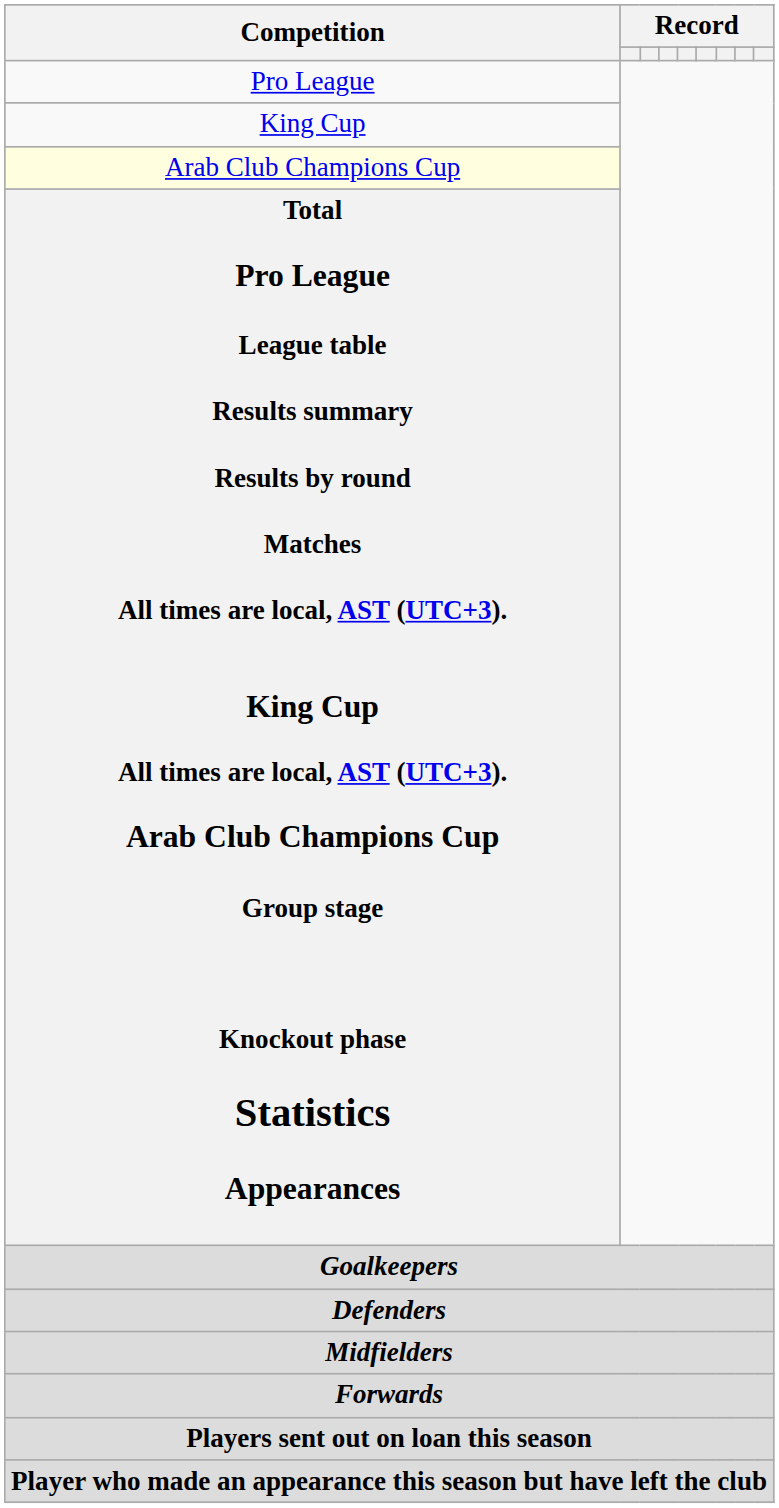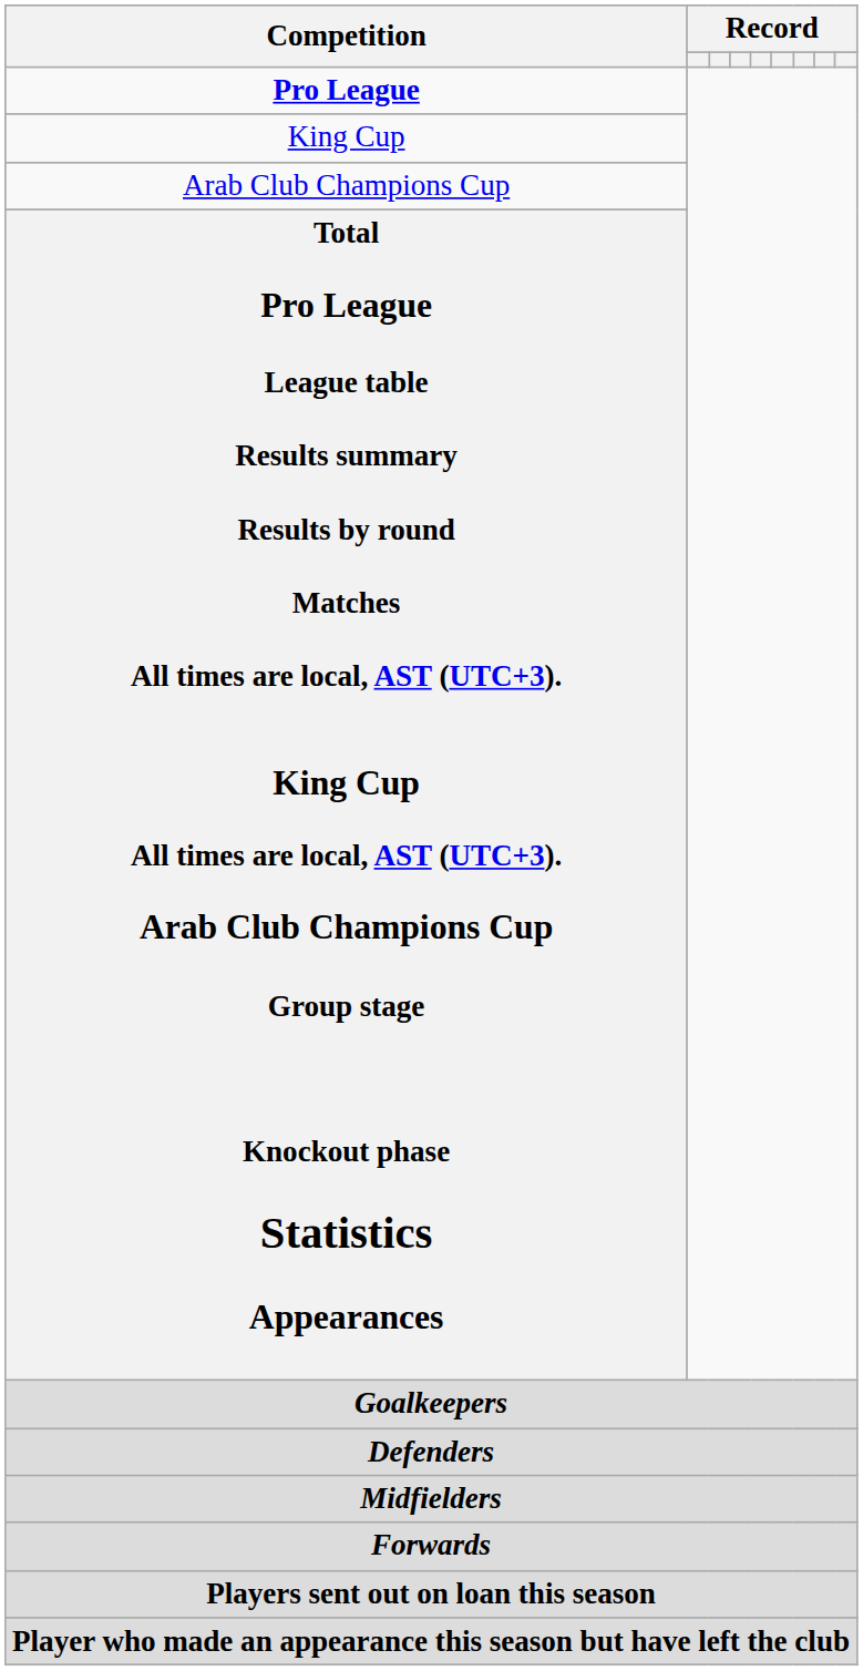 <table class="wikitable" style="text-align: center">
 <tr>
 <th rowspan=2>Competition</th>
 <th colspan=8>Record</th>
 </tr>
 <tr>
 <th></th>
 <th></th>
 <th></th>
 <th></th>
 <th></th>
 <th></th>
 <th></th>
 <th></th>
 </tr>
 <tr>
-<td><a href='#'>Pro League</a><br></td>
+<td><strong><a href='#'>Pro League</a><br></strong></td>
 </tr>
 <tr>
 <td><a href='#'>King Cup</a><br></td>
 </tr>
 <tr>
-<td style="background: lightyellow;"><a href='#'>Arab Club Champions Cup</a><br></td>
+<td><a href='#'>Arab Club Champions Cup</a><br></td>
 </tr>
 <tr>
 <th>Total<br> <h3>Pro League</h3><h4>League table</h4><h4>Results summary</h4> <h4>Results by round</h4><h4>Matches</h4>All times are local, <a href='#'>AST</a> (<a href='#'>UTC+3</a>).<br>   <br>                                 <h3>King Cup</h3> All times are local, <a href='#'>AST</a> (<a href='#'>UTC+3</a>).<br>  <h3>Arab Club Champions Cup</h3><h4>Group stage</h4><br>  <h4>Knockout phase</h4> <h2>Statistics</h2><h3>Appearances</h3></th>
 </tr>
 <tr>
 <th colspan=14 style=background:#dcdcdc; text-align:center><em>Goalkeepers</em><br>    </th>
 </tr>
 <tr>
 <th colspan=14 style=background:#dcdcdc; text-align:center><em>Defenders</em><br>        </th>
 </tr>
 <tr>
 <th colspan=14 style=background:#dcdcdc; text-align:center><em>Midfielders</em><br>            </th>
 </tr>
 <tr>
 <th colspan=14 style=background:#dcdcdc; text-align:center><em>Forwards</em><br>    </th>
 </tr>
 <tr>
 <th colspan=14 style=background:#dcdcdc; text-align:center>Players sent out on loan this season<br> </th>
 </tr>
 <tr>
 <th colspan=18 style=background:#dcdcdc; text-align:center>Player who made an appearance this season but have left the club<br>      </th>
 </tr>
 </table>
